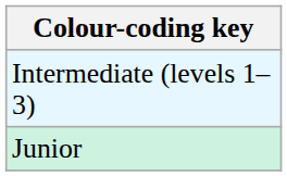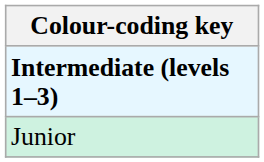 <table class="wikitable sortable" style="text-align: center; margin-left:5em; float:right;">
 <tr>
 <th width=150>Colour-coding key</th>
 </tr>
 <tr>
-<td align="left" style="background:#e6f7ff;">Intermediate (levels 1–3)</td>
+<td align="left" style="background:#e6f7ff;"><strong>Intermediate (levels 1–3)</strong></td>
 </tr>
 <tr>
 <td align="left" style="background:#CEF2E0;">Junior</td>
 </tr>
 </table>
